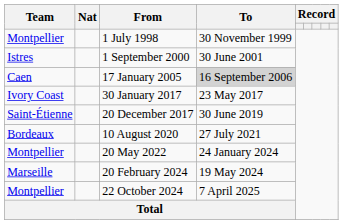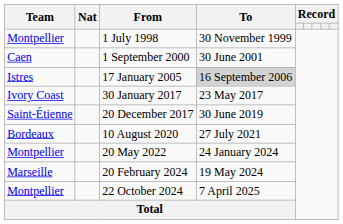 <table class="wikitable" style="text-align: center;">
 <tr>
 <th rowspan="2">Team</th>
 <th rowspan="2">Nat</th>
 <th rowspan="2">From</th>
 <th rowspan="2">To</th>
 <th colspan="8">Record</th>
 </tr>
 <tr>
 <th></th>
 <th></th>
 <th></th>
 <th></th>
 <th></th>
 </tr>
 <tr>
 <td align=left><a href='#'>Montpellier</a></td>
 <td></td>
 <td align=left>1 July 1998</td>
 <td align=left>30 November 1999<br></td>
 </tr>
 <tr>
-<td align=left><a href='#'>Istres</a></td>
+<td align=left><a href='#'>Caen</a></td>
 <td></td>
 <td align=left>1 September 2000</td>
 <td align=left>30 June 2001<br></td>
 </tr>
 <tr>
-<td align=left><a href='#'>Caen</a></td>
+<td align=left><a href='#'>Istres</a></td>
 <td></td>
 <td align=left>17 January 2005</td>
 <td align=left style="background: lightgrey;">16 September 2006<br></td>
 </tr>
 <tr>
 <td align=left><a href='#'>Ivory Coast</a></td>
 <td></td>
 <td align=left>30 January 2017</td>
 <td align=left>23 May 2017<br></td>
 </tr>
 <tr>
 <td align=left><a href='#'>Saint-Étienne</a></td>
 <td></td>
 <td align=left>20 December 2017</td>
 <td align=left>30 June 2019<br></td>
 </tr>
 <tr>
 <td align=left><a href='#'>Bordeaux</a></td>
 <td></td>
 <td align=left>10 August 2020</td>
 <td align=left>27 July 2021<br></td>
 </tr>
 <tr>
 <td align=left><a href='#'>Montpellier</a></td>
 <td></td>
 <td align=left>20 May 2022</td>
 <td align=left>24 January 2024<br></td>
 </tr>
 <tr>
 <td align=left><a href='#'>Marseille</a></td>
 <td></td>
 <td align=left>20 February 2024</td>
 <td align=left>19 May 2024<br></td>
 </tr>
 <tr>
 <td align=left><a href='#'>Montpellier</a></td>
 <td></td>
 <td align=left>22 October 2024</td>
 <td align=left>7 April 2025<br></td>
 </tr>
 <tr>
 <th colspan="4">Total<br></th>
 </tr>
 </table>
